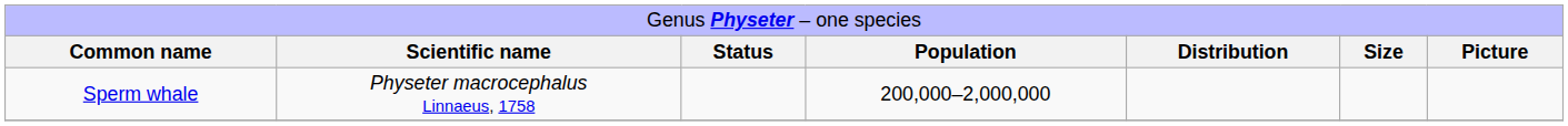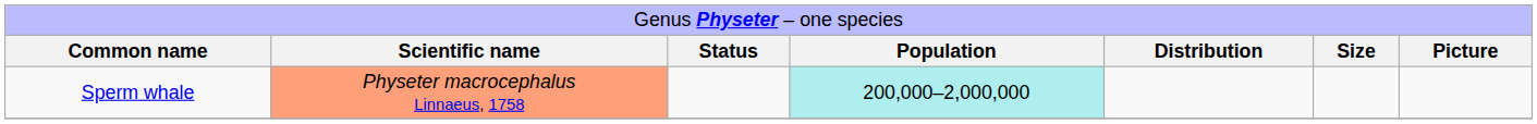 <table class="wikitable" style="width:100%;text-align:center">
 <tr>
 <td colspan="100%" align="center" bgcolor="#BBBBFF">Genus <strong><em><a href='#'>Physeter</a></em></strong> – one species</td>
 </tr>
 <tr>
 <th scope="col">Common name</th>
 <th scope="col">Scientific name</th>
 <th scope="col">Status</th>
 <th scope="col">Population</th>
 <th scope="col">Distribution</th>
 <th scope="col">Size</th>
 <th scope="col">Picture</th>
 </tr>
 <tr>
 <td><a href='#'>Sperm whale</a></td>
-<td><em>Physeter macrocephalus</em><br><small><a href='#'>Linnaeus</a>, <a href='#'>1758</a></small></td>
+<td style="background: lightsalmon;"><em>Physeter macrocephalus</em><br><small><a href='#'>Linnaeus</a>, <a href='#'>1758</a></small></td>
 <td></td>
-<td>200,000–2,000,000</td>
+<td style="background: paleturquoise;">200,000–2,000,000</td>
 <td></td>
 <td><br></td>
 <td></td>
 </tr>
 <tr>
 </tr>
 </table>
